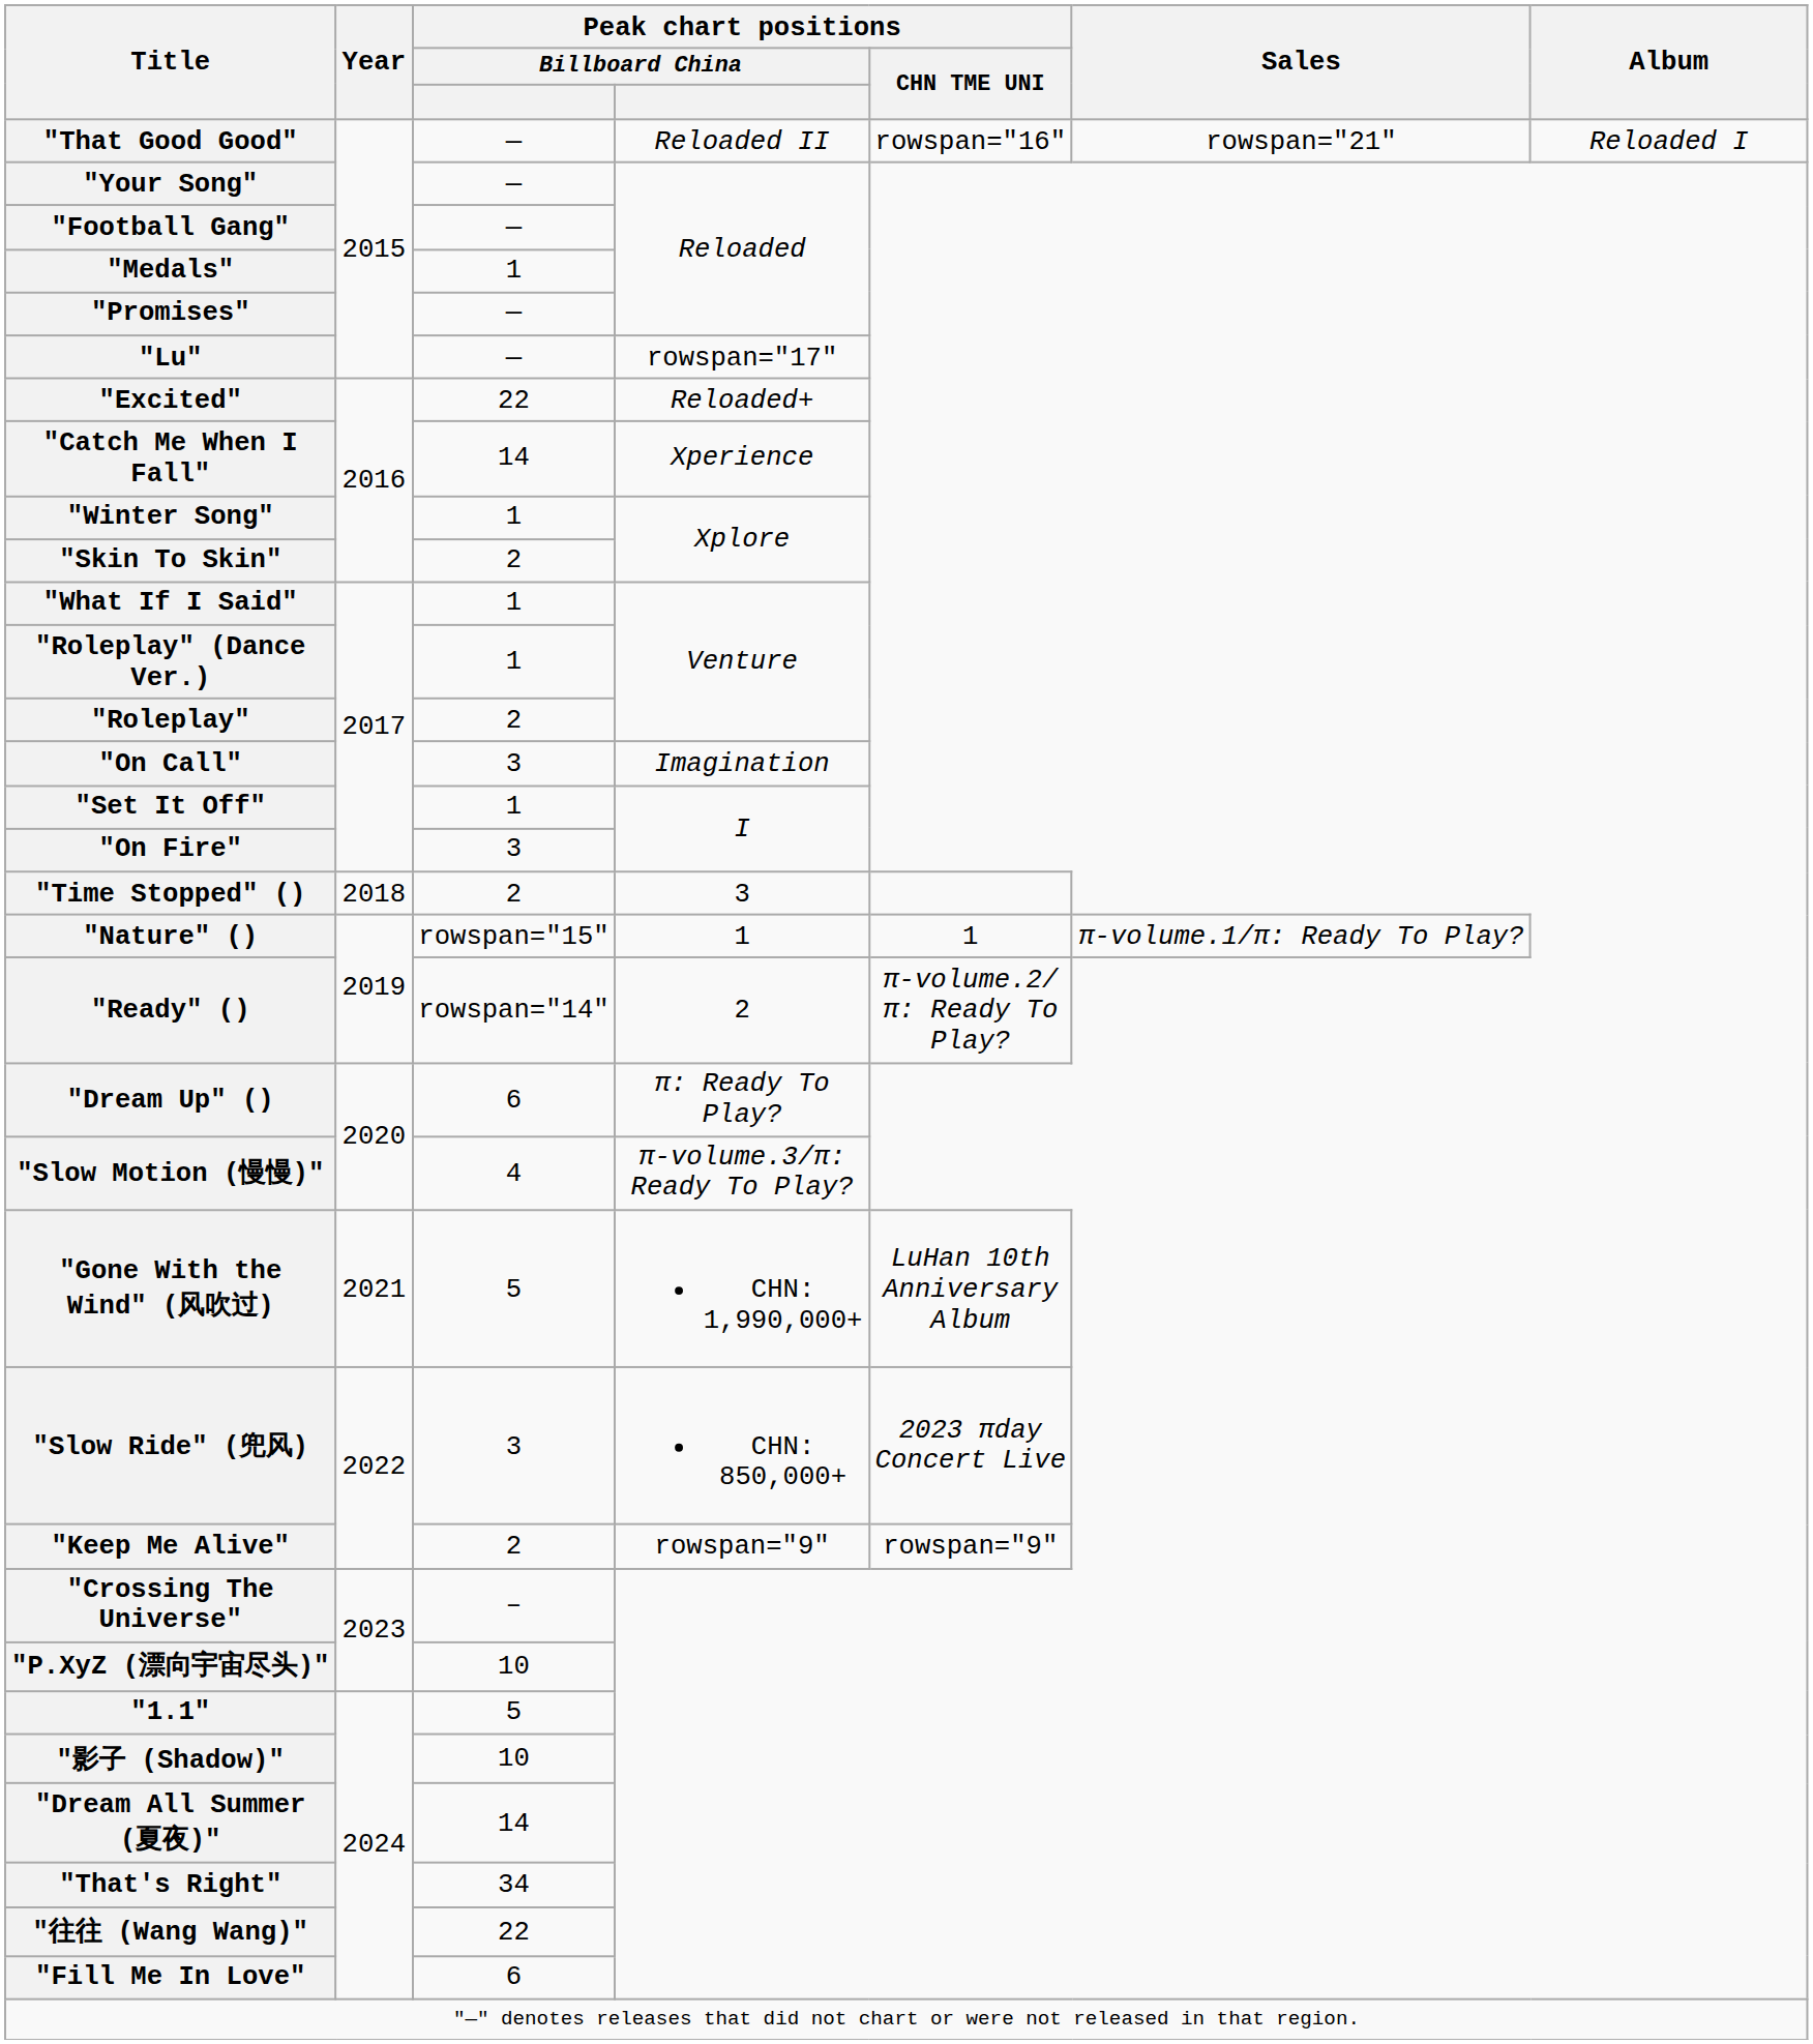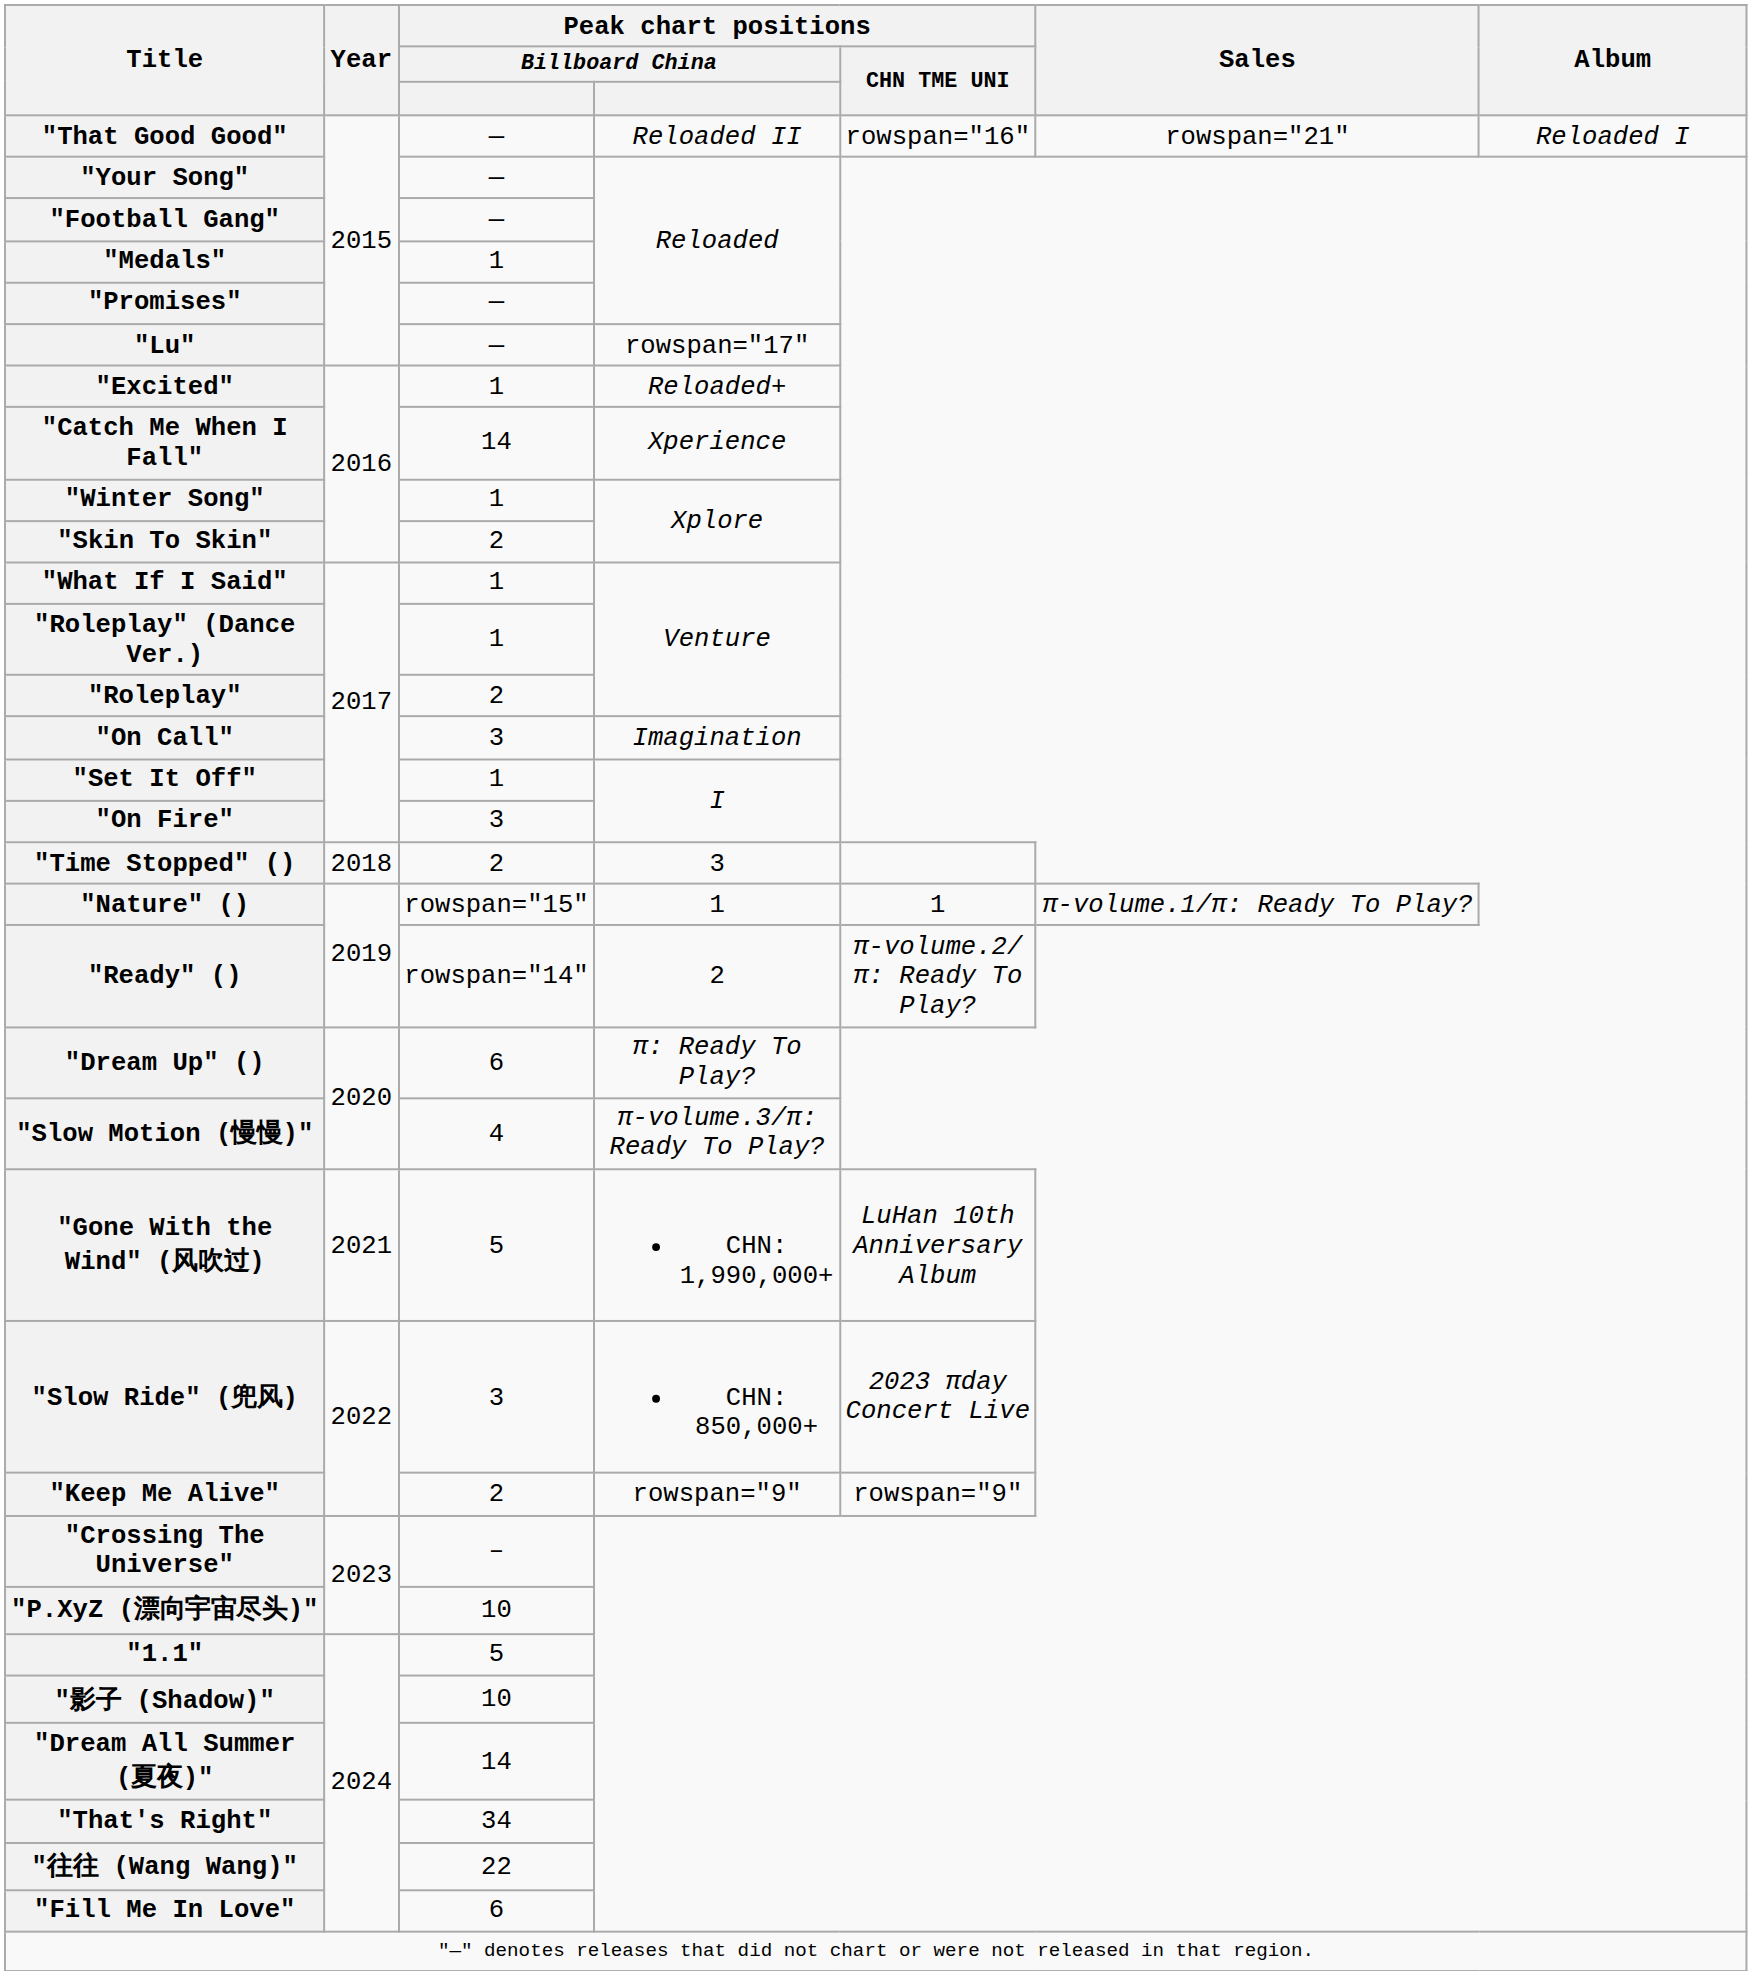 <table class="wikitable plainrowheaders" style="text-align:center;">
 <tr>
 <th scope="col" rowspan="3" style="width:12em;">Title</th>
 <th scope="col" rowspan="3" style="width:1em;">Year</th>
 <th colspan="3" scope="col">Peak chart positions</th>
 <th rowspan="3">Sales</th>
 <th scope="col" rowspan="3" style="width:10em;">Album</th>
 </tr>
 <tr>
 <th scope="col" style="width:2.5em; font-size:85%" colspan="2"><em>Billboard China</em></th>
 <th scope="col" style="width:2.5em; font-size:85%" rowspan="2">CHN TME UNI<br></th>
 </tr>
 <tr>
 <th style="width:2.5em; font-size:85%"><a href='#'></a><br></th>
 <th style="width:2.5em; font-size:85%"><a href='#'></a><br></th>
 </tr>
 <tr>
 <th scope="row">"That Good Good"</th>
 <td rowspan="6">2015</td>
 <td>—</td>
 <td><em>Reloaded II</em></td>
 <td>rowspan="16" </td>
 <td>rowspan="21" </td>
 <td><em>Reloaded I</em></td>
 </tr>
 <tr>
 <th scope="row">"Your Song"</th>
 <td>—</td>
 <td rowspan="4"><em>Reloaded</em></td>
 </tr>
 <tr>
 <th scope="row">"Football Gang"</th>
 <td>—</td>
 </tr>
 <tr>
 <th scope="row">"Medals"</th>
 <td>1</td>
 </tr>
 <tr>
 <th scope="row">"Promises"</th>
 <td>—</td>
 </tr>
 <tr>
 <th scope="row">"Lu"</th>
 <td>—</td>
 <td>rowspan="17" </td>
 </tr>
 <tr>
 <th scope="row">"Excited"</th>
 <td rowspan="4">2016</td>
-<td>22</td>
+<td>1</td>
 <td><em>Reloaded+</em></td>
 </tr>
 <tr>
 <th scope="row">"Catch Me When I Fall"</th>
 <td>14</td>
 <td><em>Xperience</em></td>
 </tr>
 <tr>
 <th scope="row">"Winter Song"</th>
 <td>1</td>
 <td rowspan="2"><em>Xplore</em></td>
 </tr>
 <tr>
 <th scope="row">"Skin To Skin"</th>
 <td>2</td>
 </tr>
 <tr>
 <th scope="row">"What If I Said"</th>
 <td rowspan="6">2017</td>
 <td>1</td>
 <td rowspan="3"><em>Venture</em></td>
 </tr>
 <tr>
 <th scope="row">"Roleplay" (Dance Ver.)</th>
 <td>1</td>
 </tr>
 <tr>
 <th scope="row">"Roleplay"</th>
 <td>2</td>
 </tr>
 <tr>
 <th scope="row">"On Call"</th>
 <td>3</td>
 <td><em>Imagination</em></td>
 </tr>
 <tr>
 <th scope ="row">"Set It Off"</th>
 <td>1</td>
 <td rowspan="2"><em>I</em></td>
 </tr>
 <tr>
 <th scope="row">"On Fire"</th>
 <td>3</td>
 </tr>
 <tr>
 <th scope="row">"Time Stopped" ()</th>
 <td>2018</td>
 <td>2</td>
 <td>3</td>
 <td></td>
 </tr>
 <tr>
 <th scope="row">"Nature" ()</th>
 <td rowspan="2">2019</td>
 <td>rowspan="15" </td>
 <td>1</td>
 <td>1</td>
 <td><em>π-volume.1/π: Ready To Play?</em></td>
 </tr>
 <tr>
 <th scope="row">"Ready" ()</th>
 <td>rowspan="14" </td>
 <td>2</td>
 <td><em>π-volume.2/π: Ready To Play?</em></td>
 </tr>
 <tr>
 <th scope="row">"Dream Up" ()</th>
 <td rowspan="2">2020</td>
 <td>6</td>
 <td><em>π: Ready To Play?</em></td>
 </tr>
 <tr>
 <th scope="row">"Slow Motion (慢慢)"</th>
 <td>4</td>
 <td><em>π-volume.3/π: Ready To Play?</em></td>
 </tr>
 <tr>
 <th scope="row">"Gone With the Wind" (风吹过)</th>
 <td>2021</td>
 <td>5</td>
 <td><br><ul><li>CHN: 1,990,000+</li></ul></td>
 <td><em>LuHan 10th Anniversary Album</em></td>
 </tr>
 <tr>
 <th scope="row">"Slow Ride" (兜风)</th>
 <td rowspan="2">2022</td>
 <td>3</td>
 <td><br><ul><li>CHN: 850,000+</li></ul></td>
 <td><em>2023 πday Concert Live</em></td>
 </tr>
 <tr>
 <th scope="row">"Keep Me Alive"</th>
 <td>2</td>
 <td>rowspan="9" </td>
 <td>rowspan="9" </td>
 </tr>
 <tr>
 <th scope="row">"Crossing The Universe"</th>
 <td rowspan="2">2023</td>
 <td>–</td>
 </tr>
 <tr>
 <th scope="row">"P.XyZ (漂向宇宙尽头)"</th>
 <td>10</td>
 </tr>
 <tr>
 <th scope="row">"1.1"</th>
 <td rowspan="6">2024</td>
 <td>5</td>
 </tr>
 <tr>
 <th scope="row">"影子 (Shadow)"</th>
 <td>10</td>
 </tr>
 <tr>
 <th scope="row">"Dream All Summer (夏夜)"</th>
 <td>14</td>
 </tr>
 <tr>
 <th scope="row">"That's Right"</th>
 <td>34</td>
 </tr>
 <tr>
 <th scope="row">"往往 (Wang Wang)"</th>
 <td>22</td>
 </tr>
 <tr>
 <th scope="row">"Fill Me In Love"</th>
 <td>6</td>
 </tr>
 <tr>
 <td colspan="7" style="font-size:90%"><small>"—" denotes releases that did not chart or were not released in that region.</small></td>
 </tr>
 </table>
